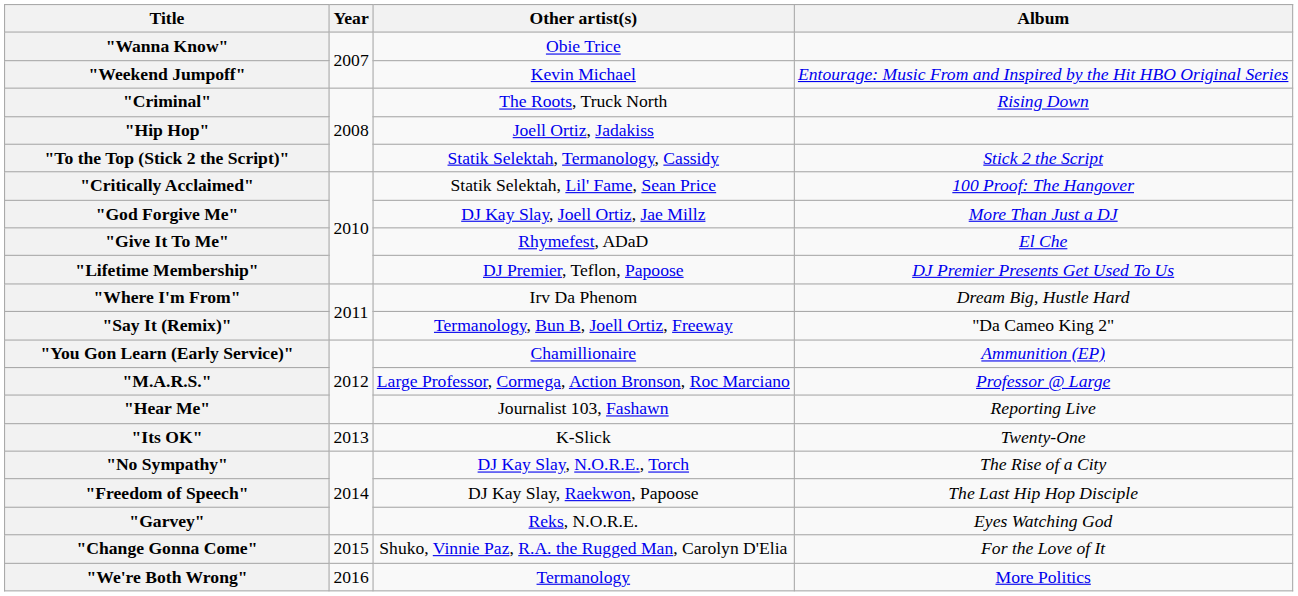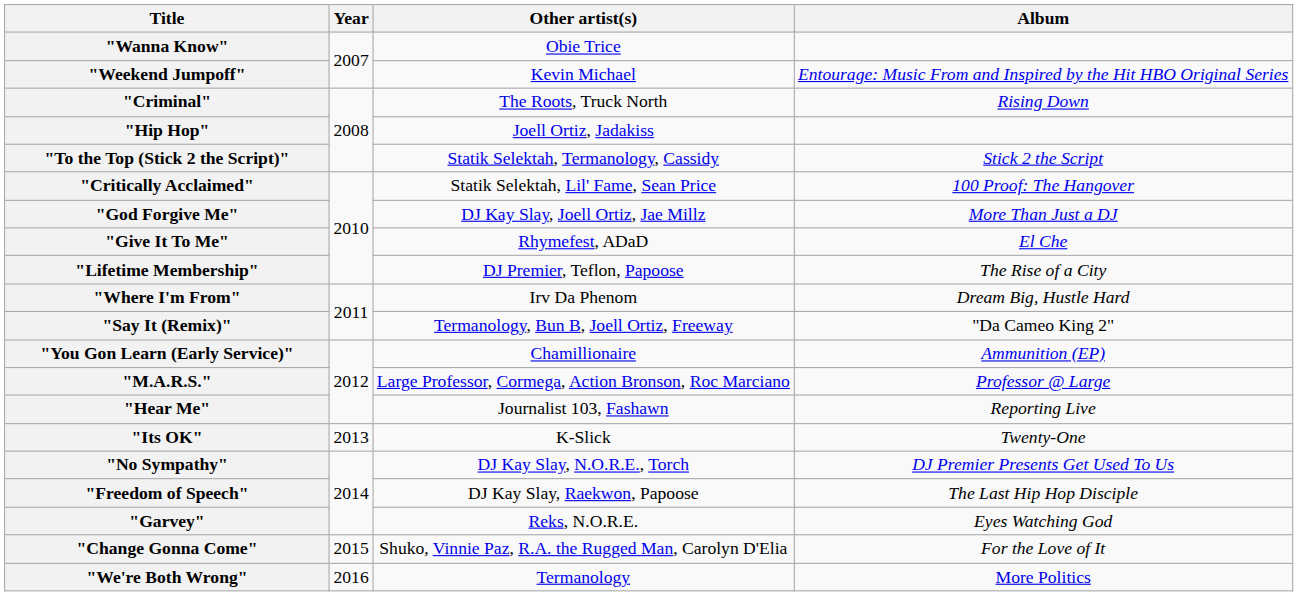 <table class="wikitable plainrowheaders" style="text-align:center;">
 <tr>
 <th scope="col" style="width:18em;">Title</th>
 <th scope="col">Year</th>
 <th scope="col">Other artist(s)</th>
 <th scope="col">Album</th>
 </tr>
 <tr>
 <th scope="row">"Wanna Know"</th>
 <td rowspan="2">2007</td>
 <td><a href='#'>Obie Trice</a></td>
 <td></td>
 </tr>
 <tr>
 <th scope="row">"Weekend Jumpoff"</th>
 <td><a href='#'>Kevin Michael</a></td>
 <td><em><a href='#'>Entourage: Music From and Inspired by the Hit HBO Original Series</a></em></td>
 </tr>
 <tr>
 <th scope="row">"Criminal"</th>
 <td rowspan="3">2008</td>
 <td><a href='#'>The Roots</a>, Truck North</td>
 <td><em><a href='#'>Rising Down</a></em></td>
 </tr>
 <tr>
 <th scope="row">"Hip Hop"</th>
 <td><a href='#'>Joell Ortiz</a>, <a href='#'>Jadakiss</a></td>
 <td></td>
 </tr>
 <tr>
 <th scope="row">"To the Top (Stick 2 the Script)"</th>
 <td><a href='#'>Statik Selektah</a>, <a href='#'>Termanology</a>, <a href='#'>Cassidy</a></td>
 <td><em><a href='#'>Stick 2 the Script</a></em></td>
 </tr>
 <tr>
 <th scope="row">"Critically Acclaimed"</th>
 <td rowspan="4">2010</td>
 <td>Statik Selektah, <a href='#'>Lil' Fame</a>, <a href='#'>Sean Price</a></td>
 <td><em><a href='#'>100 Proof: The Hangover</a></em></td>
 </tr>
 <tr>
 <th scope="row">"God Forgive Me"</th>
 <td><a href='#'>DJ Kay Slay</a>, <a href='#'>Joell Ortiz</a>, <a href='#'>Jae Millz</a></td>
 <td><em><a href='#'>More Than Just a DJ</a></em></td>
 </tr>
 <tr>
 <th scope="row">"Give It To Me"</th>
 <td><a href='#'>Rhymefest</a>, ADaD</td>
 <td><em><a href='#'>El Che</a></em></td>
 </tr>
 <tr>
 <th scope="row">"Lifetime Membership"</th>
 <td><a href='#'>DJ Premier</a>, Teflon, <a href='#'>Papoose</a></td>
-<td><em><a href='#'>DJ Premier Presents Get Used To Us</a></em></td>
+<td><em>The Rise of a City</em></td>
 </tr>
 <tr>
 <th scope="row">"Where I'm From"</th>
 <td rowspan="2">2011</td>
 <td>Irv Da Phenom</td>
 <td><em>Dream Big, Hustle Hard</em></td>
 </tr>
 <tr>
 <th scope="row">"Say It (Remix)"</th>
 <td><a href='#'>Termanology</a>, <a href='#'>Bun B</a>, <a href='#'>Joell Ortiz</a>, <a href='#'>Freeway</a></td>
 <td>"Da Cameo King 2"</td>
 </tr>
 <tr>
 <th scope="row">"You Gon Learn (Early Service)"</th>
 <td rowspan="3">2012</td>
 <td><a href='#'>Chamillionaire</a></td>
 <td><em><a href='#'>Ammunition (EP)</a></em></td>
 </tr>
 <tr>
 <th scope="row">"M.A.R.S."</th>
 <td><a href='#'>Large Professor</a>, <a href='#'>Cormega</a>, <a href='#'>Action Bronson</a>, <a href='#'>Roc Marciano</a></td>
 <td><em><a href='#'>Professor @ Large</a></em></td>
 </tr>
 <tr>
 <th scope="row">"Hear Me"</th>
 <td>Journalist 103, <a href='#'>Fashawn</a></td>
 <td><em>Reporting Live</em></td>
 </tr>
 <tr>
 <th scope="row">"Its OK"</th>
 <td>2013</td>
 <td>K-Slick</td>
 <td><em>Twenty-One</em></td>
 </tr>
 <tr>
 <th scope="row">"No Sympathy"</th>
 <td rowspan=3>2014</td>
 <td><a href='#'>DJ Kay Slay</a>, <a href='#'>N.O.R.E.</a>, <a href='#'>Torch</a></td>
-<td><em>The Rise of a City</em></td>
+<td><em><a href='#'>DJ Premier Presents Get Used To Us</a></em></td>
 </tr>
 <tr>
 <th scope="row">"Freedom of Speech" </th>
 <td>DJ Kay Slay, <a href='#'>Raekwon</a>, Papoose</td>
 <td><em>The Last Hip Hop Disciple</em></td>
 </tr>
 <tr>
 <th scope="row">"Garvey"</th>
 <td><a href='#'>Reks</a>, N.O.R.E.</td>
 <td><em>Eyes Watching God</em></td>
 </tr>
 <tr>
 <th scope="row">"Change Gonna Come" </th>
 <td>2015</td>
 <td>Shuko, <a href='#'>Vinnie Paz</a>, <a href='#'>R.A. the Rugged Man</a>, Carolyn D'Elia</td>
 <td><em>For the Love of It</em></td>
 </tr>
 <tr>
 <th scope="row">"We're Both Wrong"</th>
 <td>2016</td>
 <td><a href='#'>Termanology</a></td>
 <td><a href='#'>More Politics</a></td>
 </tr>
 </table>
